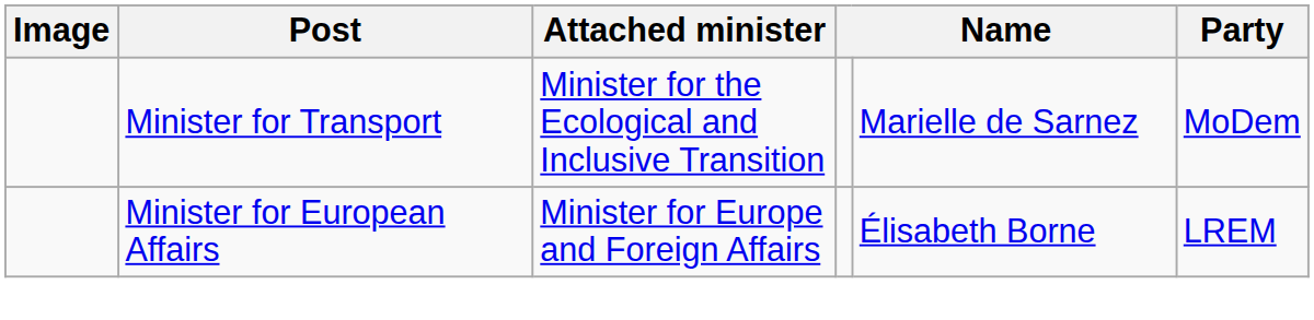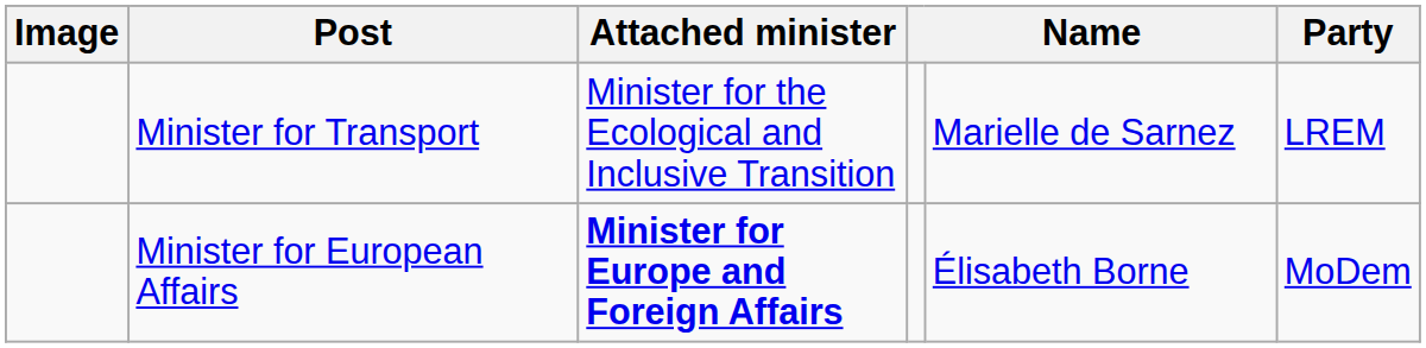 <table class="wikitable sortable" style="width:100%;">
 <tr>
 <th class="unsortable">Image</th>
 <th>Post</th>
 <th>Attached minister</th>
 <th colspan="2" scope="col" class="unsortable">Name</th>
 <th>Party</th>
 </tr>
 <tr>
 <td width="80px"></td>
 <td width=35%><a href='#'>Minister for Transport</a></td>
 <td width=25%><a href='#'>Minister for the Ecological and Inclusive Transition</a></td>
 <td style="background:"></td>
 <td width=27%><a href='#'>Marielle de Sarnez</a></td>
-<td width=7%><a href='#'>MoDem</a></td>
+<td width=7%><a href='#'>LREM</a></td>
 </tr>
 <tr>
 <td width="80px"></td>
 <td width=35%><a href='#'>Minister for European Affairs</a></td>
-<td width=25%><a href='#'>Minister for Europe and Foreign Affairs</a></td>
+<td width=25%><strong><a href='#'>Minister for Europe and Foreign Affairs</a></strong></td>
 <td style="background:"></td>
 <td width=27%><a href='#'>Élisabeth Borne</a></td>
-<td width=7%><a href='#'>LREM</a></td>
+<td width=7%><a href='#'>MoDem</a></td>
 </tr>
 </table>
